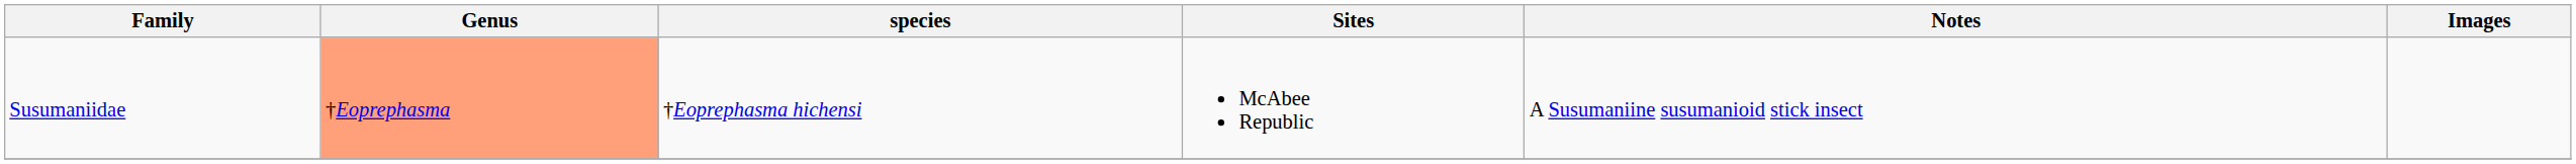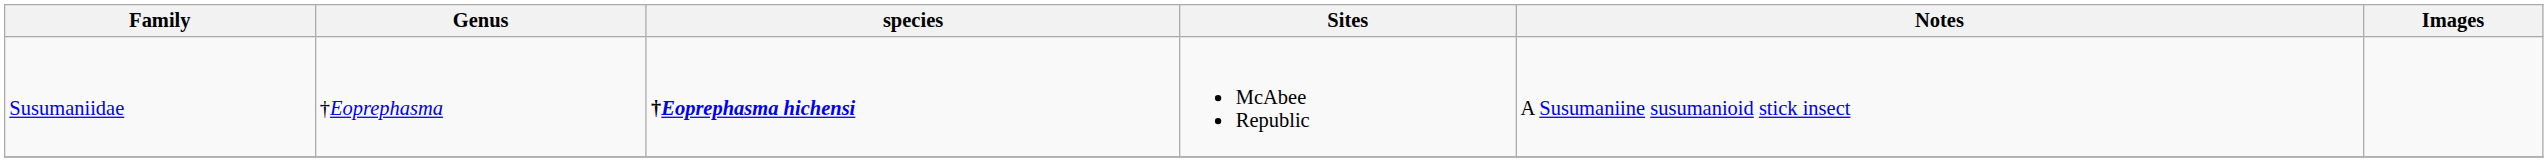 <table class="wikitable sortable"  style="margin:auto; width:100%;">
 <tr>
 <th>Family</th>
 <th>Genus</th>
 <th>species</th>
 <th>Sites</th>
 <th>Notes</th>
 <th>Images</th>
 </tr>
 <tr>
 <td><br><a href='#'>Susumaniidae</a></td>
-<td style="background: lightsalmon;"><br>†<em><a href='#'>Eoprephasma</a></em></td>
-<td><br>†<em><a href='#'>Eoprephasma hichensi</a></em></td>
+<td><br>†<em><a href='#'>Eoprephasma</a></em></td>
+<td><strong><br>†<em><a href='#'>Eoprephasma hichensi</a></em></strong></td>
 <td><br><ul><li>McAbee</li><li>Republic</li></ul></td>
 <td><br>A <a href='#'>Susumaniine</a> <a href='#'>susumanioid</a> <a href='#'>stick insect</a></td>
 <td></td>
 </tr>
 <tr>
 </tr>
 </table>
